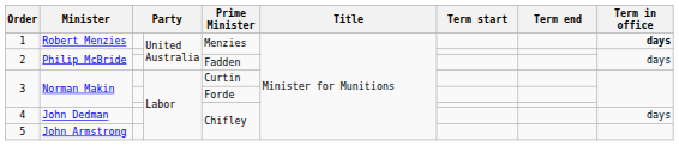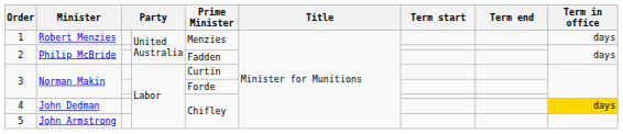 <table class="wikitable">
 <tr>
 <th width=5>Order</th>
 <th width=150>Minister</th>
 <th width=125 colspan="2">Party</th>
 <th width=75>Prime Minister</th>
 <th width=350>Title</th>
 <th width=150>Term start</th>
 <th width=150>Term end</th>
 <th width=130>Term in office</th>
 </tr>
 <tr>
 <td align=center>1</td>
 <td><a href='#'>Robert Menzies</a></td>
 <td> </td>
 <td rowspan=3>United Australia</td>
 <td rowspan=2>Menzies</td>
 <td rowspan=8>Minister for Munitions</td>
 <td align=center></td>
 <td align=center></td>
-<td align=right><strong> days</strong></td>
+<td align=right> days</td>
 </tr>
 <tr>
 <td rowspan=2 align=center>2</td>
 <td rowspan=2><a href='#'>Philip McBride</a></td>
 <td></td>
 <td align=center></td>
 <td align=center></td>
 <td rowspan=2 align=right> days</td>
 </tr>
 <tr>
 <td></td>
 <td>Fadden</td>
 <td align=center></td>
 <td align=center></td>
 </tr>
 <tr>
 <td rowspan=3 align=center>3</td>
 <td rowspan=3><a href='#'>Norman Makin</a></td>
 <td></td>
 <td rowspan=5>Labor</td>
 <td>Curtin</td>
 <td align=center></td>
 <td align=center></td>
 <td rowspan=3 align=right><strong></strong></td>
 </tr>
 <tr>
 <td></td>
 <td>Forde</td>
 <td align=center></td>
 <td align=center></td>
 </tr>
 <tr>
 <td></td>
 <td rowspan=3>Chifley</td>
 <td align=center></td>
 <td align=center></td>
 </tr>
 <tr>
 <td align=center>4</td>
 <td><a href='#'>John Dedman</a></td>
 <td></td>
 <td align=center></td>
 <td align=center></td>
-<td align=right> days</td>
+<td align=right style="background: gold;"> days</td>
 </tr>
 <tr>
 <td align=center>5</td>
 <td><a href='#'>John Armstrong</a></td>
 <td></td>
 <td align=center></td>
 <td align=center></td>
 <td align=right></td>
 </tr>
 </table>
